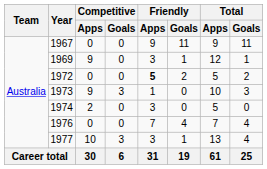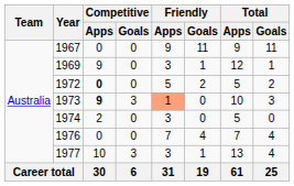 <table class="wikitable" style="text-align:center">
 <tr>
 <th rowspan=2>Team</th>
 <th rowspan=2>Year</th>
 <th colspan=2>Competitive</th>
 <th colspan=2>Friendly</th>
 <th colspan=2>Total</th>
 </tr>
 <tr>
 <th>Apps</th>
 <th>Goals</th>
 <th>Apps</th>
 <th>Goals</th>
 <th>Apps</th>
 <th>Goals</th>
 </tr>
 <tr>
 <td rowspan="7"><a href='#'>Australia</a></td>
 <td>1967</td>
 <td>0</td>
 <td>0</td>
 <td>9</td>
 <td>11</td>
 <td>9</td>
 <td>11</td>
 </tr>
 <tr>
 <td>1969</td>
 <td>9</td>
 <td>0</td>
 <td>3</td>
 <td>1</td>
 <td>12</td>
 <td>1</td>
 </tr>
 <tr>
 <td>1972</td>
+<td><strong>0</strong></td>
 <td>0</td>
-<td>0</td>
-<td><strong>5</strong></td>
+<td>5</td>
 <td>2</td>
 <td>5</td>
 <td>2</td>
 </tr>
 <tr>
 <td>1973</td>
-<td>9</td>
+<td><strong>9</strong></td>
 <td>3</td>
-<td>1</td>
+<td style="background: lightsalmon;">1</td>
 <td>0</td>
 <td>10</td>
 <td>3</td>
 </tr>
 <tr>
 <td>1974</td>
 <td>2</td>
 <td>0</td>
 <td>3</td>
 <td>0</td>
 <td>5</td>
 <td>0</td>
 </tr>
 <tr>
 <td>1976</td>
 <td>0</td>
 <td>0</td>
 <td>7</td>
 <td>4</td>
 <td>7</td>
 <td>4</td>
 </tr>
 <tr>
 <td>1977</td>
 <td>10</td>
 <td>3</td>
 <td>3</td>
 <td>1</td>
 <td>13</td>
 <td>4</td>
 </tr>
 <tr>
 <th colspan="2">Career total</th>
 <th>30</th>
 <th>6</th>
 <th>31</th>
 <th>19</th>
 <th>61</th>
 <th>25</th>
 </tr>
 </table>
